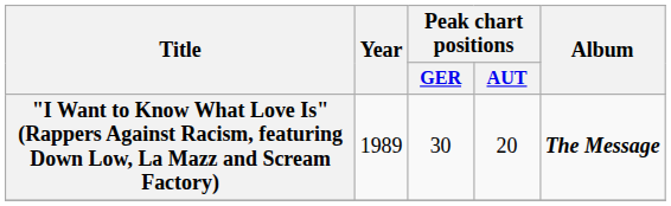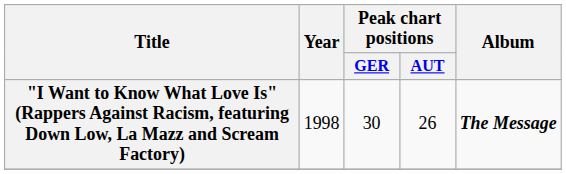 <table class="wikitable plainrowheaders" style="text-align:center;">
 <tr>
 <th scope="col" rowspan="2" style="width:16em;">Title</th>
 <th scope="col" rowspan="2">Year</th>
 <th scope="col" colspan="2">Peak chart positions</th>
 <th scope="col" rowspan="2">Album</th>
 </tr>
 <tr>
 <th style="width:3em;font-size:90%"><a href='#'>GER</a><br></th>
 <th style="width:3em;font-size:90%"><a href='#'>AUT</a><br></th>
 </tr>
 <tr>
 <th scope="row">"I Want to Know What Love Is"<br><span>(Rappers Against Racism, featuring Down Low, La Mazz and Scream Factory)</span></th>
-<td rowspan="1">1989</td>
+<td rowspan="1">1998</td>
 <td>30</td>
-<td>20</td>
+<td>26</td>
 <td rowspan="1"><strong><em>The Message</em></strong></td>
 </tr>
 <tr>
 </tr>
 </table>
